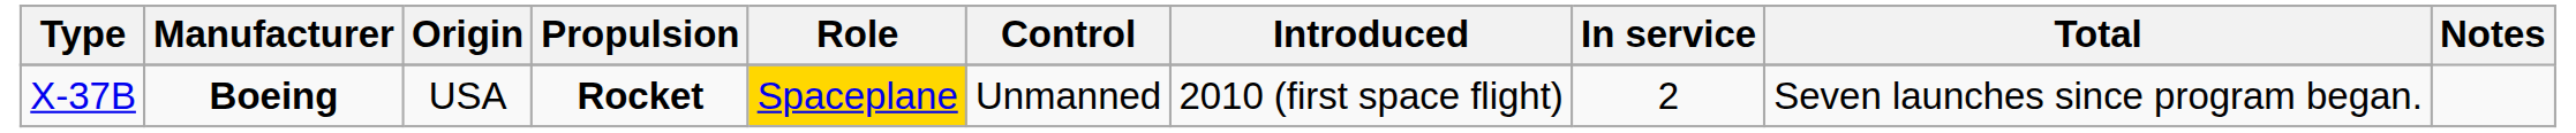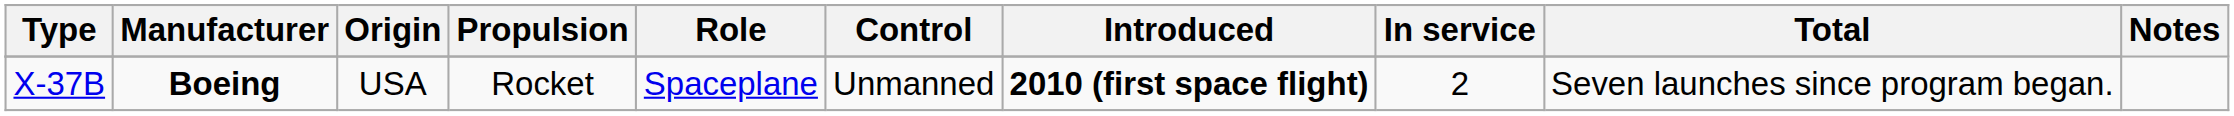 <table class="wikitable sortable sticky-header" style="border-collapse:collapse;text-align:center;margin:auto;">
 <tr>
 <th>Type</th>
 <th>Manufacturer</th>
 <th>Origin</th>
 <th>Propulsion</th>
 <th>Role</th>
 <th>Control</th>
 <th>Introduced</th>
 <th>In service</th>
 <th>Total</th>
 <th>Notes</th>
 </tr>
 <tr>
 </tr>
 <tr>
 <td><a href='#'>X-37B</a></td>
 <td><strong>Boeing</strong></td>
 <td>USA</td>
-<td><strong>Rocket</strong></td>
-<td style="background: gold;"><a href='#'>Spaceplane</a></td>
+<td>Rocket</td>
+<td><a href='#'>Spaceplane</a></td>
 <td>Unmanned</td>
-<td>2010 (first space flight)</td>
+<td><strong>2010 (first space flight)</strong></td>
 <td>2</td>
 <td>Seven launches since program began.</td>
 </tr>
 </table>
